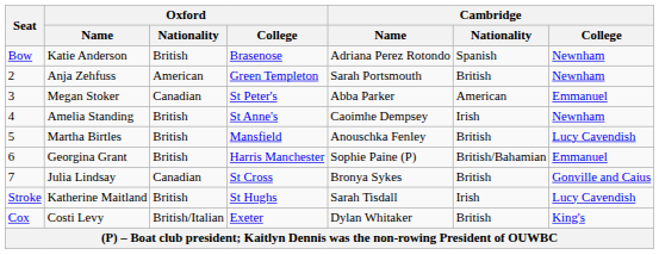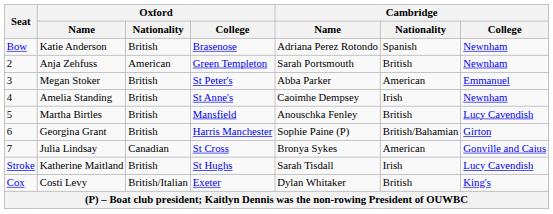 <table class="wikitable">
 <tr>
 <th rowspan="2" scope="col">Seat</th>
 <th colspan="3" scope="col">Oxford</th>
 <th colspan="3" scope="col">Cambridge</th>
 </tr>
 <tr>
 <th scope=row>Name</th>
 <th scope=row>Nationality</th>
 <th scope=row>College</th>
 <th scope=row>Name</th>
 <th scope=row>Nationality</th>
 <th scope=row>College</th>
 </tr>
 <tr>
 <td><a href='#'>Bow</a></td>
 <td>Katie Anderson</td>
 <td>British</td>
 <td><a href='#'> Brasenose</a></td>
 <td>Adriana Perez Rotondo</td>
 <td>Spanish</td>
 <td><a href='#'>Newnham</a></td>
 </tr>
 <tr>
 <td>2</td>
 <td>Anja Zehfuss</td>
 <td>American</td>
 <td><a href='#'>Green Templeton</a></td>
 <td>Sarah Portsmouth</td>
 <td>British</td>
 <td><a href='#'>Newnham</a></td>
 </tr>
 <tr>
 <td>3</td>
 <td>Megan Stoker</td>
-<td>Canadian</td>
+<td>British</td>
 <td><a href='#'>St Peter's</a></td>
 <td>Abba Parker</td>
 <td>American</td>
 <td><a href='#'> Emmanuel</a></td>
 </tr>
 <tr>
 <td>4</td>
 <td>Amelia Standing</td>
 <td>British</td>
 <td><a href='#'> St Anne's</a></td>
 <td>Caoimhe Dempsey</td>
 <td>Irish</td>
 <td><a href='#'> Newnham</a></td>
 </tr>
 <tr>
 <td>5</td>
 <td>Martha Birtles</td>
 <td>British</td>
 <td><a href='#'>Mansfield</a></td>
 <td>Anouschka Fenley</td>
 <td>British</td>
 <td><a href='#'>Lucy Cavendish</a></td>
 </tr>
 <tr>
 <td>6</td>
 <td>Georgina Grant</td>
 <td>British</td>
 <td><a href='#'> Harris Manchester</a></td>
 <td>Sophie Paine (P)</td>
 <td>British/Bahamian</td>
-<td><a href='#'> Emmanuel</a></td>
+<td><a href='#'> Girton</a></td>
 </tr>
 <tr>
 <td>7</td>
 <td>Julia Lindsay</td>
 <td>Canadian</td>
 <td><a href='#'>St Cross</a></td>
 <td>Bronya Sykes</td>
-<td>British</td>
+<td>American</td>
 <td><a href='#'> Gonville and Caius</a></td>
 </tr>
 <tr>
 <td><a href='#'>Stroke</a></td>
 <td>Katherine Maitland</td>
 <td>British</td>
 <td><a href='#'>St Hughs</a></td>
 <td>Sarah Tisdall</td>
 <td>Irish</td>
 <td><a href='#'> Lucy Cavendish</a></td>
 </tr>
 <tr>
 <td><a href='#'>Cox</a></td>
 <td>Costi Levy</td>
 <td>British/Italian</td>
 <td><a href='#'>Exeter</a></td>
 <td>Dylan Whitaker</td>
 <td>British</td>
 <td><a href='#'>King's</a></td>
 </tr>
 <tr>
 <th colspan=7>(P) – Boat club president; Kaitlyn Dennis was the non-rowing President of OUWBC</th>
 </tr>
 </table>
